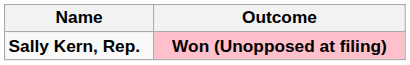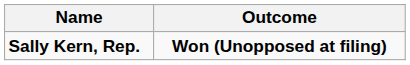 <table class="wikitable">
 <tr>
 <th>Name</th>
 <th>Outcome</th>
 </tr>
 <tr>
 <td><strong>Sally Kern, Rep.</strong>  </td>
-<td style="background: pink;">   <strong>Won (Unopposed at filing)</strong>   </td>
+<td>   <strong>Won (Unopposed at filing)</strong>   </td>
 </tr>
 </table>
